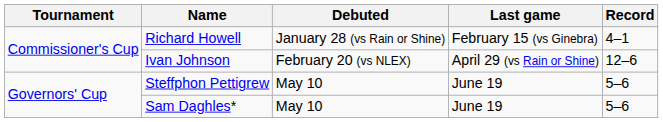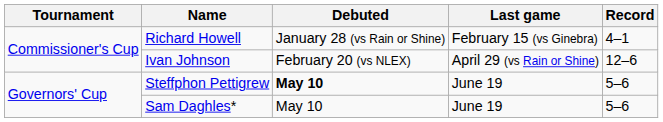 <table class="wikitable">
 <tr>
 <th>Tournament</th>
 <th>Name</th>
 <th>Debuted</th>
 <th>Last game</th>
 <th>Record</th>
 </tr>
 <tr>
 <td rowspan=2><a href='#'>Commissioner's Cup</a></td>
 <td><a href='#'>Richard Howell</a></td>
 <td>January 28 <small>(vs Rain or Shine)</small></td>
 <td>February 15 <small>(vs Ginebra)</small></td>
 <td>4–1</td>
 </tr>
 <tr>
 <td><a href='#'>Ivan Johnson</a></td>
 <td>February 20 <small>(vs NLEX)</small></td>
 <td>April 29 <small>(vs <a href='#'>Rain or Shine</a>)</small></td>
 <td>12–6</td>
 </tr>
 <tr>
 <td rowspan=2><a href='#'>Governors' Cup</a></td>
 <td><a href='#'>Steffphon Pettigrew</a></td>
-<td>May 10 </td>
+<td><strong>May 10 </strong></td>
 <td>June 19 </td>
 <td>5–6</td>
 </tr>
 <tr>
 <td> <a href='#'>Sam Daghles</a>*</td>
 <td>May 10 </td>
 <td>June 19 </td>
 <td>5–6</td>
 </tr>
 </table>
